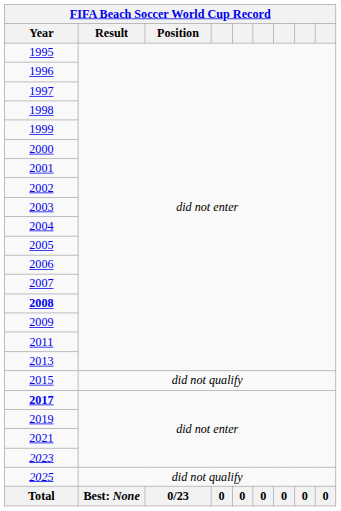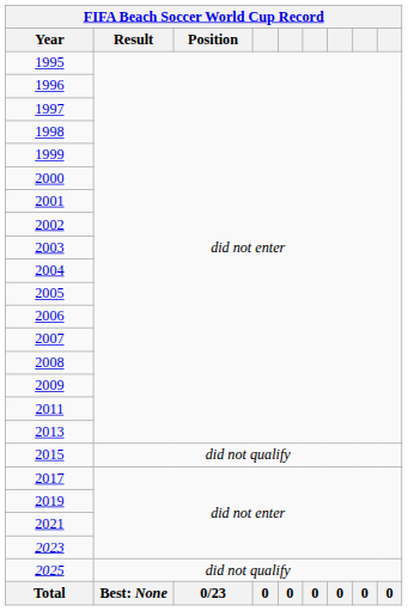 <table class="wikitable" style="text-align:center;">
 <tr>
 <th colspan=9><a href='#'>FIFA Beach Soccer World Cup Record</a></th>
 </tr>
 <tr>
 <th width="90">Year</th>
 <th width="80">Result</th>
 <th width="80">Position</th>
 <th width="20"></th>
 <th width="20"></th>
 <th width="20"></th>
 <th width="20"></th>
 <th width="20"></th>
 <th width="20"></th>
 </tr>
 <tr>
 <td> <a href='#'>1995</a></td>
 <td colspan=8 rowspan=17><em>did not enter</em></td>
 </tr>
 <tr>
 <td> <a href='#'>1996</a></td>
 </tr>
 <tr>
 <td> <a href='#'>1997</a></td>
 </tr>
 <tr>
 <td> <a href='#'>1998</a></td>
 </tr>
 <tr>
 <td> <a href='#'>1999</a></td>
 </tr>
 <tr>
 <td> <a href='#'>2000</a></td>
 </tr>
 <tr>
 <td> <a href='#'>2001</a></td>
 </tr>
 <tr>
 <td> <a href='#'>2002</a></td>
 </tr>
 <tr>
 <td> <a href='#'>2003</a></td>
 </tr>
 <tr>
 <td> <a href='#'>2004</a></td>
 </tr>
 <tr>
 <td> <a href='#'>2005</a></td>
 </tr>
 <tr>
 <td> <a href='#'>2006</a></td>
 </tr>
 <tr>
 <td> <a href='#'>2007</a></td>
 </tr>
 <tr>
-<td><strong> <a href='#'>2008</a></strong></td>
+<td> <a href='#'>2008</a></td>
 </tr>
 <tr>
 <td> <a href='#'>2009</a></td>
 </tr>
 <tr>
 <td> <a href='#'>2011</a></td>
 </tr>
 <tr>
 <td> <a href='#'>2013</a></td>
 </tr>
 <tr>
 <td> <a href='#'>2015</a></td>
 <td colspan=8 rowspan=1><em>did not qualify</em></td>
 </tr>
 <tr>
-<td><strong> <a href='#'>2017</a></strong></td>
+<td> <a href='#'>2017</a></td>
 <td colspan=8 rowspan=4><em>did not enter</em></td>
 </tr>
 <tr>
 <td> <a href='#'>2019</a></td>
 </tr>
 <tr>
 <td> <a href='#'>2021</a></td>
 </tr>
 <tr>
 <td> <a href='#'><em>2023</em></a></td>
 </tr>
 <tr>
 <td> <a href='#'><em>2025</em></a></td>
 <td colspan=8><em>did not qualify</em></td>
 </tr>
 <tr>
 <th>Total</th>
 <th>Best: <em>None</em></th>
 <th>0/23</th>
 <th>0</th>
 <th>0</th>
 <th>0</th>
 <th>0</th>
 <th>0</th>
 <th>0</th>
 </tr>
 </table>
